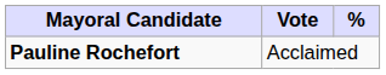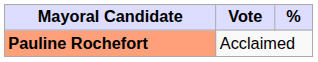 <table class="wikitable">
 <tr>
 <th style="background:#ddf; width:200px;">Mayoral Candidate</th>
 <th style="background:#ddf; width:50px;">Vote</th>
 <th style="background:#ddf; width:30px;">%</th>
 </tr>
 <tr>
-<td><strong>Pauline Rochefort</strong></td>
+<td style="background: lightsalmon;"><strong>Pauline Rochefort</strong></td>
 <td colspan="2">Acclaimed</td>
 </tr>
 </table>
